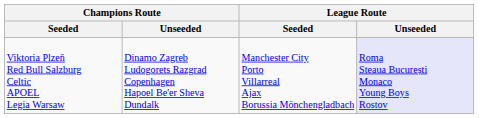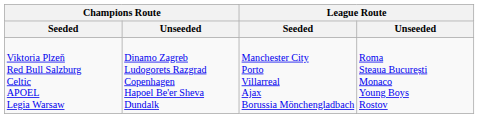 <table class="wikitable" style="font-size:80%">
 <tr>
 <th colspan=2>Champions Route</th>
 <th colspan=2>League Route</th>
 </tr>
 <tr>
 <th width=25%>Seeded</th>
 <th width=25%>Unseeded</th>
 <th width=25%>Seeded</th>
 <th width=25%>Unseeded</th>
 </tr>
 <tr>
 <td valign=top><br> <a href='#'>Viktoria Plzeň</a><br>  <a href='#'>Red Bull Salzburg</a><br>  <a href='#'>Celtic</a><br>  <a href='#'>APOEL</a><br>  <a href='#'>Legia Warsaw</a></td>
 <td valign=top><br> <a href='#'>Dinamo Zagreb</a><br>  <a href='#'>Ludogorets Razgrad</a><br>  <a href='#'>Copenhagen</a><br>  <a href='#'>Hapoel Be'er Sheva</a><br>  <a href='#'>Dundalk</a></td>
 <td valign=top><br> <a href='#'>Manchester City</a><br>  <a href='#'>Porto</a><br>  <a href='#'>Villarreal</a><br>  <a href='#'>Ajax</a><br>  <a href='#'>Borussia Mönchengladbach</a></td>
-<td valign=top style="background: lavender;"><br> <a href='#'>Roma</a><br>  <a href='#'>Steaua București</a><br>  <a href='#'>Monaco</a><br>  <a href='#'>Young Boys</a><br>  <a href='#'>Rostov</a></td>
+<td valign=top><br> <a href='#'>Roma</a><br>  <a href='#'>Steaua București</a><br>  <a href='#'>Monaco</a><br>  <a href='#'>Young Boys</a><br>  <a href='#'>Rostov</a></td>
 </tr>
 </table>
